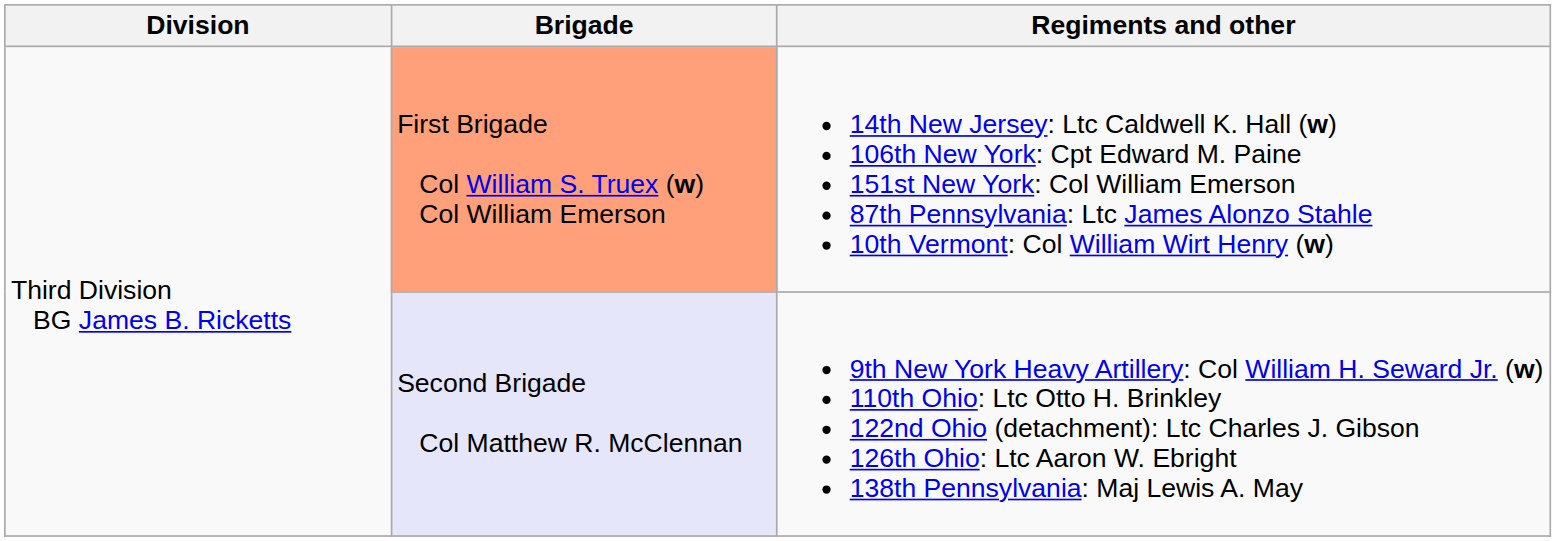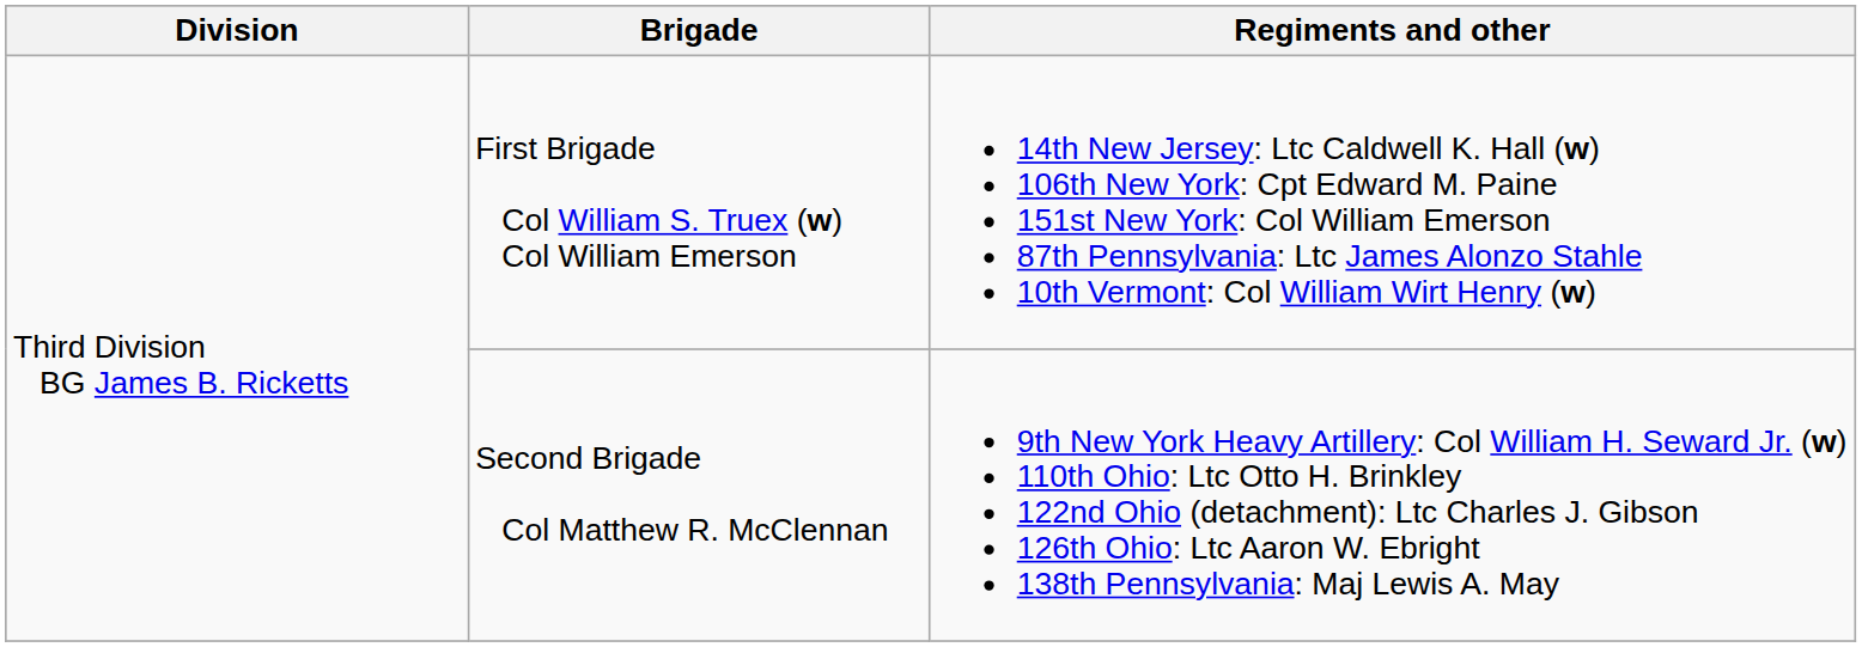 <table class="wikitable">
 <tr>
 <th width=25%>Division</th>
 <th width=25%>Brigade</th>
 <th>Regiments and other</th>
 </tr>
 <tr>
 <td rowspan=2><br>Third Division <br>   BG <a href='#'>James B. Ricketts</a></td>
-<td style="background: lightsalmon;">First Brigade<br><br>   Col <a href='#'>William S. Truex</a> (<strong>w</strong>) <br>   Col William Emerson</td>
+<td>First Brigade<br><br>   Col <a href='#'>William S. Truex</a> (<strong>w</strong>) <br>   Col William Emerson</td>
 <td><br><ul><li><a href='#'>14th New Jersey</a>: Ltc Caldwell K. Hall (<strong>w</strong>)</li><li><a href='#'>106th New York</a>: Cpt Edward M. Paine</li><li><a href='#'>151st New York</a>: Col William Emerson</li><li><a href='#'>87th Pennsylvania</a>: Ltc <a href='#'>James Alonzo Stahle</a></li><li><a href='#'>10th Vermont</a>: Col <a href='#'>William Wirt Henry</a> (<strong>w</strong>)</li></ul></td>
 </tr>
 <tr>
-<td style="background: lavender;">Second Brigade<br><br>   Col Matthew R. McClennan</td>
+<td>Second Brigade<br><br>   Col Matthew R. McClennan</td>
 <td><br><ul><li><a href='#'>9th New York Heavy Artillery</a>: Col <a href='#'>William H. Seward Jr.</a> (<strong>w</strong>)</li><li><a href='#'>110th Ohio</a>: Ltc Otto H. Brinkley</li><li><a href='#'>122nd Ohio</a> (detachment): Ltc Charles J. Gibson</li><li><a href='#'>126th Ohio</a>: Ltc Aaron W. Ebright</li><li><a href='#'>138th Pennsylvania</a>: Maj Lewis A. May</li></ul></td>
 </tr>
 </table>
